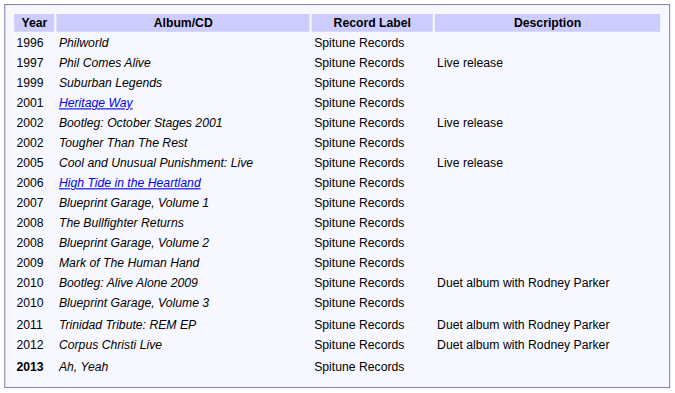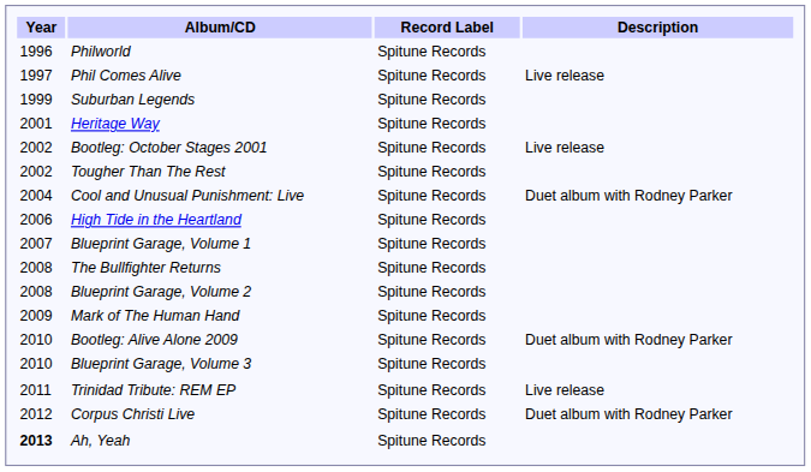 <table cellpadding=2 cellspacing=2 width=600px style="font-family: verdana, sans-serif; padding: 6px; margin: 0 0 1em 1em; font-size: 11px; background-color: #f7f8ff; border:1px solid #8888aa;">
 <tr style=background:#ccccff>
 <th>Year</th>
 <th>Album/CD</th>
 <th>Record Label</th>
 <th>Description</th>
 </tr>
 <tr>
 <td>1996</td>
 <td><em>Philworld</em></td>
 <td>Spitune Records</td>
 </tr>
 <tr>
 <td>1997</td>
 <td><em>Phil Comes Alive</em></td>
 <td>Spitune Records</td>
 <td>Live release</td>
 </tr>
 <tr>
 <td>1999</td>
 <td><em>Suburban Legends</em></td>
 <td>Spitune Records</td>
 </tr>
 <tr>
 <td>2001</td>
 <td><em><a href='#'>Heritage Way</a></em></td>
 <td>Spitune Records</td>
 </tr>
 <tr>
 <td>2002</td>
 <td><em>Bootleg: October Stages 2001</em></td>
 <td>Spitune Records</td>
 <td>Live release</td>
 </tr>
 <tr>
 <td>2002</td>
 <td><em>Tougher Than The Rest</em></td>
 <td>Spitune Records</td>
 </tr>
 <tr>
-<td>2005</td>
+<td>2004</td>
 <td><em>Cool and Unusual Punishment: Live</em></td>
 <td>Spitune Records</td>
-<td>Live release</td>
+<td>Duet album with Rodney Parker</td>
 </tr>
 <tr>
 <td>2006</td>
 <td><em><a href='#'>High Tide in the Heartland</a></em></td>
 <td>Spitune Records</td>
 <td></td>
 </tr>
 <tr>
 <td>2007</td>
 <td><em>Blueprint Garage, Volume 1</em></td>
 <td>Spitune Records</td>
 <td></td>
 </tr>
 <tr>
 <td>2008</td>
 <td><em>The Bullfighter Returns</em></td>
 <td>Spitune Records</td>
 <td></td>
 </tr>
 <tr>
 <td>2008</td>
 <td><em>Blueprint Garage, Volume 2</em></td>
 <td>Spitune Records</td>
 <td></td>
 </tr>
 <tr>
 <td>2009</td>
 <td><em>Mark of The Human Hand</em></td>
 <td>Spitune Records</td>
 <td></td>
 </tr>
 <tr>
 <td>2010</td>
 <td><em>Bootleg: Alive Alone 2009</em></td>
 <td>Spitune Records</td>
 <td>Duet album with Rodney Parker</td>
 </tr>
 <tr>
 <td>2010</td>
 <td><em>Blueprint Garage, Volume 3</em></td>
 <td>Spitune Records</td>
 <td></td>
 </tr>
 <tr>
 </tr>
 <tr>
 <td>2011</td>
 <td><em>Trinidad Tribute: REM EP</em></td>
 <td>Spitune Records</td>
-<td>Duet album with Rodney Parker</td>
+<td>Live release</td>
 </tr>
 <tr>
 <td>2012</td>
 <td><em>Corpus Christi Live</em></td>
 <td>Spitune Records</td>
 <td>Duet album with Rodney Parker</td>
 </tr>
 <tr>
 </tr>
 <tr>
 <td><strong>2013</strong></td>
 <td><em>Ah, Yeah</em></td>
 <td>Spitune Records</td>
 <td></td>
 </tr>
 <tr>
 </tr>
 </table>
